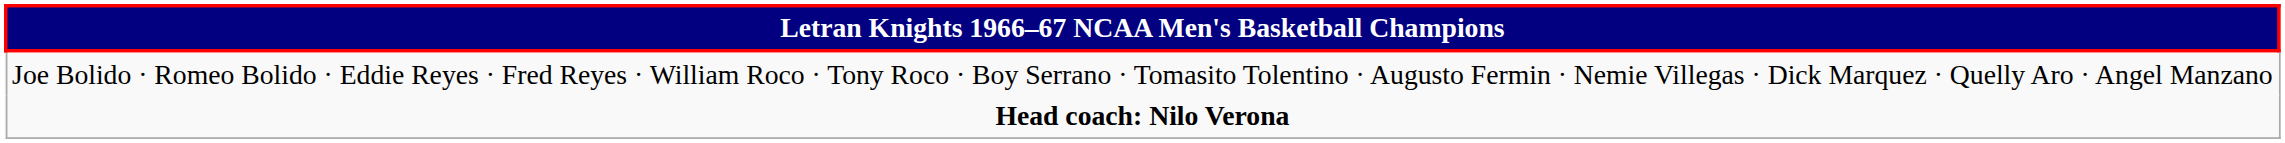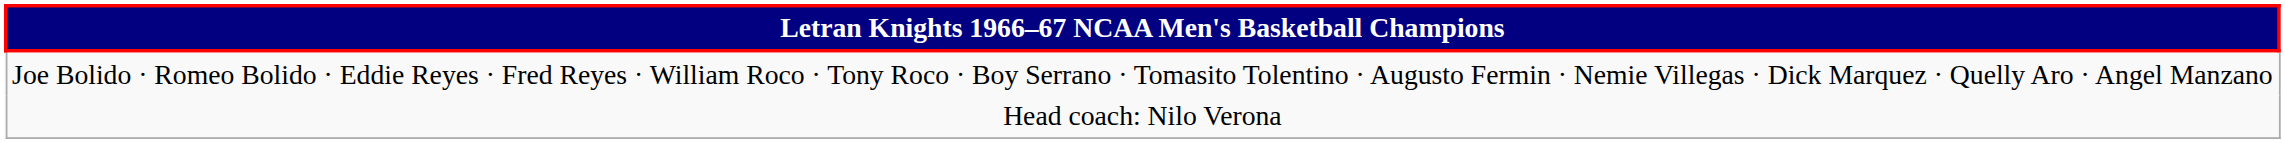 <table class="wikitable" style="text-align: center">
 <tr>
 <th style = "background:#020080; border:2px solid red; color:white">Letran Knights 1966–67 NCAA Men's Basketball Champions</th>
 </tr>
 <tr>
 <td style="border-style: none none none none;">Joe Bolido · Romeo Bolido · Eddie Reyes · Fred Reyes · William Roco · Tony Roco · Boy Serrano · Tomasito Tolentino · Augusto Fermin · Nemie Villegas · Dick Marquez · Quelly Aro · Angel Manzano</td>
 </tr>
 <tr>
-<td style="border-style: none none none none;"><strong>Head coach: Nilo Verona</strong></td>
+<td style="border-style: none none none none;">Head coach: Nilo Verona</td>
 </tr>
 </table>
